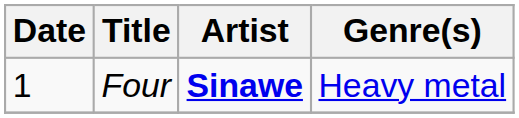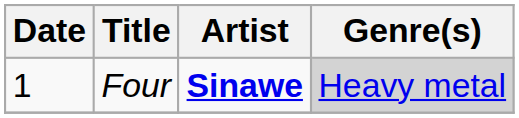 <table class="wikitable" style="text-align: left;">
 <tr>
 <th>Date</th>
 <th>Title</th>
 <th>Artist</th>
 <th>Genre(s)</th>
 </tr>
 <tr>
 <td>1</td>
 <td><em>Four</em></td>
 <td><strong><a href='#'>Sinawe</a></strong></td>
-<td><a href='#'>Heavy metal</a></td>
+<td style="background: lightgrey;"><a href='#'>Heavy metal</a></td>
 </tr>
 <tr>
 </tr>
 </table>
